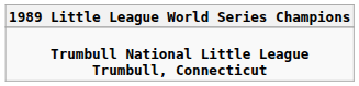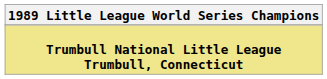 <table class="wikitable" style="text-align: center; margin: 0 auto;">
 <tr>
 <th>1989 Little League World Series Champions</th>
 </tr>
 <tr>
 </tr>
 <tr>
-<td><br><strong>Trumbull National Little League</strong><br><strong>Trumbull, Connecticut</strong></td>
+<td style="background: khaki;"><br><strong>Trumbull National Little League</strong><br><strong>Trumbull, Connecticut</strong></td>
 </tr>
 </table>
